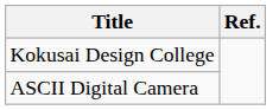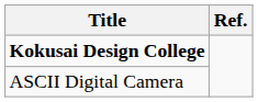 <table class="wikitable">
 <tr>
 <th>Title</th>
 <th>Ref.</th>
 </tr>
 <tr>
-<td>Kokusai Design College</td>
+<td><strong>Kokusai Design College</strong></td>
 <td rowspan="2"></td>
 </tr>
 <tr>
 <td>ASCII Digital Camera</td>
 </tr>
 </table>
